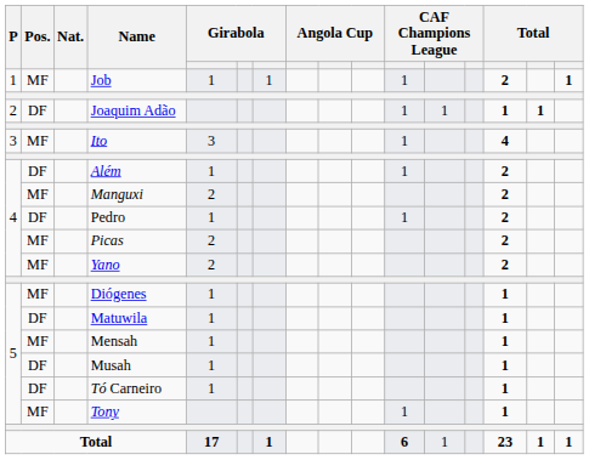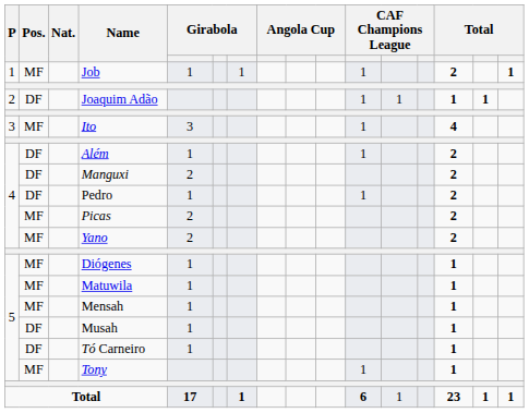 <table class="wikitable sortable" style="text-align:center">
 <tr>
 <th style="text-align:center;" rowspan="2">P</th>
 <th style="text-align:center;" rowspan="2">Pos.</th>
 <th style="text-align:center;" rowspan="2">Nat.</th>
 <th style="text-align:center; width:100px;" rowspan="2">Name</th>
 <th style="text-align:center; width:100px;" colspan="3">Girabola</th>
 <th style="text-align:center; width:100px;" colspan="3">Angola Cup</th>
 <th style="text-align:center; width:100px;" colspan="3">CAF Champions League</th>
 <th style="text-align:center; width:100px;" colspan="3">Total</th>
 </tr>
 <tr>
 <th scope="col" class="unsortable"></th>
 <th scope="col" class="unsortable"></th>
 <th scope="col" class="unsortable"></th>
 <th scope="col" class="unsortable"></th>
 <th scope="col" class="unsortable"></th>
 <th scope="col" class="unsortable"></th>
 <th scope="col" class="unsortable"></th>
 <th scope="col" class="unsortable"></th>
 <th scope="col" class="unsortable"></th>
 <th scope="col" class="unsortable"></th>
 <th scope="col" class="unsortable"></th>
 <th scope="col" class="unsortable"></th>
 </tr>
 <tr>
 <td>1</td>
 <td data-sort-value="3">MF</td>
 <td></td>
 <td align=left><a href='#'>Job</a></td>
 <td style="background:#eaecf0;">1</td>
 <td style="background:#eaecf0;"></td>
 <td style="background:#eaecf0;">1</td>
 <td></td>
 <td></td>
 <td></td>
 <td style="background:#eaecf0;">1</td>
 <td style="background:#eaecf0;"></td>
 <td style="background:#eaecf0;"></td>
 <td><strong>2</strong></td>
 <td><strong></strong></td>
 <td><strong>1</strong></td>
 </tr>
 <tr>
 <th colspan=16></th>
 </tr>
 <tr>
 <td>2</td>
 <td data-sort-value="2">DF</td>
 <td></td>
 <td align=left><a href='#'>Joaquim Adão</a></td>
 <td style="background:#eaecf0;"></td>
 <td style="background:#eaecf0;"></td>
 <td style="background:#eaecf0;"></td>
 <td></td>
 <td></td>
 <td></td>
 <td style="background:#eaecf0;">1</td>
 <td style="background:#eaecf0;">1</td>
 <td style="background:#eaecf0;"></td>
 <td><strong>1</strong></td>
 <td><strong>1</strong></td>
 <td></td>
 </tr>
 <tr>
 <th colspan=16></th>
 </tr>
 <tr>
 <td>3</td>
 <td data-sort-value="3">MF</td>
 <td></td>
 <td align=left><em><a href='#'>Ito</a></em></td>
 <td style="background:#eaecf0;">3</td>
 <td style="background:#eaecf0;"></td>
 <td style="background:#eaecf0;"></td>
 <td></td>
 <td></td>
 <td></td>
 <td style="background:#eaecf0;">1</td>
 <td style="background:#eaecf0;"></td>
 <td style="background:#eaecf0;"></td>
 <td><strong>4</strong></td>
 <td><strong></strong></td>
 <td></td>
 </tr>
 <tr>
 <th colspan=16></th>
 </tr>
 <tr>
 <td rowspan=5>4</td>
 <td data-sort-value="2">DF</td>
 <td></td>
 <td align=left><em><a href='#'>Além</a></em></td>
 <td style="background:#eaecf0;">1</td>
 <td style="background:#eaecf0;"></td>
 <td style="background:#eaecf0;"></td>
 <td></td>
 <td></td>
 <td></td>
 <td style="background:#eaecf0;">1</td>
 <td style="background:#eaecf0;"></td>
 <td style="background:#eaecf0;"></td>
 <td><strong>2</strong></td>
 <td><strong></strong></td>
 <td></td>
 </tr>
 <tr>
-<td data-sort-value="3">MF</td>
+<td data-sort-value="2">DF</td>
 <td></td>
 <td align=left><em>Manguxi</em></td>
 <td style="background:#eaecf0;">2</td>
 <td style="background:#eaecf0;"></td>
 <td style="background:#eaecf0;"></td>
 <td></td>
 <td></td>
 <td></td>
 <td style="background:#eaecf0;"></td>
 <td style="background:#eaecf0;"></td>
 <td style="background:#eaecf0;"></td>
 <td><strong>2</strong></td>
 <td><strong></strong></td>
 <td></td>
 </tr>
 <tr>
 <td>DF</td>
 <td></td>
 <td align=left>Pedro</td>
 <td style="background:#eaecf0;">1</td>
 <td style="background:#eaecf0;"></td>
 <td style="background:#eaecf0;"></td>
 <td></td>
 <td></td>
 <td></td>
 <td style="background:#eaecf0;">1</td>
 <td style="background:#eaecf0;"></td>
 <td style="background:#eaecf0;"></td>
 <td><strong>2</strong></td>
 <td><strong></strong></td>
 <td></td>
 </tr>
 <tr>
 <td data-sort-value="3">MF</td>
 <td></td>
 <td align=left><em>Picas</em></td>
 <td style="background:#eaecf0;">2</td>
 <td style="background:#eaecf0;"></td>
 <td style="background:#eaecf0;"></td>
 <td></td>
 <td></td>
 <td></td>
 <td style="background:#eaecf0;"></td>
 <td style="background:#eaecf0;"></td>
 <td style="background:#eaecf0;"></td>
 <td><strong>2</strong></td>
 <td><strong></strong></td>
 <td></td>
 </tr>
 <tr>
 <td data-sort-value="3">MF</td>
 <td></td>
 <td align=left><em><a href='#'>Yano</a></em></td>
 <td style="background:#eaecf0;">2</td>
 <td style="background:#eaecf0;"></td>
 <td style="background:#eaecf0;"></td>
 <td></td>
 <td></td>
 <td></td>
 <td style="background:#eaecf0;"></td>
 <td style="background:#eaecf0;"></td>
 <td style="background:#eaecf0;"></td>
 <td><strong>2</strong></td>
 <td><strong></strong></td>
 <td></td>
 </tr>
 <tr>
 <th colspan=16></th>
 </tr>
 <tr>
 <td rowspan=6>5</td>
 <td data-sort-value="3">MF</td>
 <td></td>
 <td align=left><a href='#'>Diógenes</a></td>
 <td style="background:#eaecf0;">1</td>
 <td style="background:#eaecf0;"></td>
 <td style="background:#eaecf0;"></td>
 <td></td>
 <td></td>
 <td></td>
 <td style="background:#eaecf0;"></td>
 <td style="background:#eaecf0;"></td>
 <td style="background:#eaecf0;"></td>
 <td><strong>1</strong></td>
 <td><strong></strong></td>
 <td></td>
 </tr>
 <tr>
-<td data-sort-value="2">DF</td>
+<td data-sort-value="3">MF</td>
 <td></td>
 <td align=left><a href='#'>Matuwila</a></td>
 <td style="background:#eaecf0;">1</td>
 <td style="background:#eaecf0;"></td>
 <td style="background:#eaecf0;"></td>
 <td></td>
 <td></td>
 <td></td>
 <td style="background:#eaecf0;"></td>
 <td style="background:#eaecf0;"></td>
 <td style="background:#eaecf0;"></td>
 <td><strong>1</strong></td>
 <td><strong></strong></td>
 <td></td>
 </tr>
 <tr>
 <td data-sort-value="3">MF</td>
 <td></td>
 <td align=left>Mensah</td>
 <td style="background:#eaecf0;">1</td>
 <td style="background:#eaecf0;"></td>
 <td style="background:#eaecf0;"></td>
 <td></td>
 <td></td>
 <td></td>
 <td style="background:#eaecf0;"></td>
 <td style="background:#eaecf0;"></td>
 <td style="background:#eaecf0;"></td>
 <td><strong>1</strong></td>
 <td><strong></strong></td>
 <td></td>
 </tr>
 <tr>
 <td data-sort-value="2">DF</td>
 <td></td>
 <td align=left>Musah</td>
 <td style="background:#eaecf0;">1</td>
 <td style="background:#eaecf0;"></td>
 <td style="background:#eaecf0;"></td>
 <td></td>
 <td></td>
 <td></td>
 <td style="background:#eaecf0;"></td>
 <td style="background:#eaecf0;"></td>
 <td style="background:#eaecf0;"></td>
 <td><strong>1</strong></td>
 <td><strong></strong></td>
 <td></td>
 </tr>
 <tr>
 <td data-sort-value="2">DF</td>
 <td></td>
 <td align=left><em>Tó</em> Carneiro</td>
 <td style="background:#eaecf0;">1</td>
 <td style="background:#eaecf0;"></td>
 <td style="background:#eaecf0;"></td>
 <td></td>
 <td></td>
 <td></td>
 <td style="background:#eaecf0;"></td>
 <td style="background:#eaecf0;"></td>
 <td style="background:#eaecf0;"></td>
 <td><strong>1</strong></td>
 <td><strong></strong></td>
 <td></td>
 </tr>
 <tr>
 <td data-sort-value="3">MF</td>
 <td></td>
 <td align=left><em><a href='#'>Tony</a></em></td>
 <td style="background:#eaecf0;"></td>
 <td style="background:#eaecf0;"></td>
 <td style="background:#eaecf0;"></td>
 <td></td>
 <td></td>
 <td></td>
 <td style="background:#eaecf0;">1</td>
 <td style="background:#eaecf0;"></td>
 <td style="background:#eaecf0;"></td>
 <td><strong>1</strong></td>
 <td><strong></strong></td>
 <td></td>
 </tr>
 <tr>
 <th colspan=16></th>
 </tr>
 <tr>
 <td colspan=4><strong>Total</strong></td>
 <td style="background:#eaecf0;"><strong>17</strong></td>
 <td style="background:#eaecf0;"></td>
 <td style="background:#eaecf0;"><strong>1</strong></td>
 <td></td>
 <td></td>
 <td></td>
 <td style="background:#eaecf0;"><strong>6</strong></td>
 <td style="background:#eaecf0;">1</td>
 <td style="background:#eaecf0;"></td>
 <td><strong>23</strong></td>
 <td><strong>1</strong></td>
 <td><strong>1</strong></td>
 </tr>
 </table>
